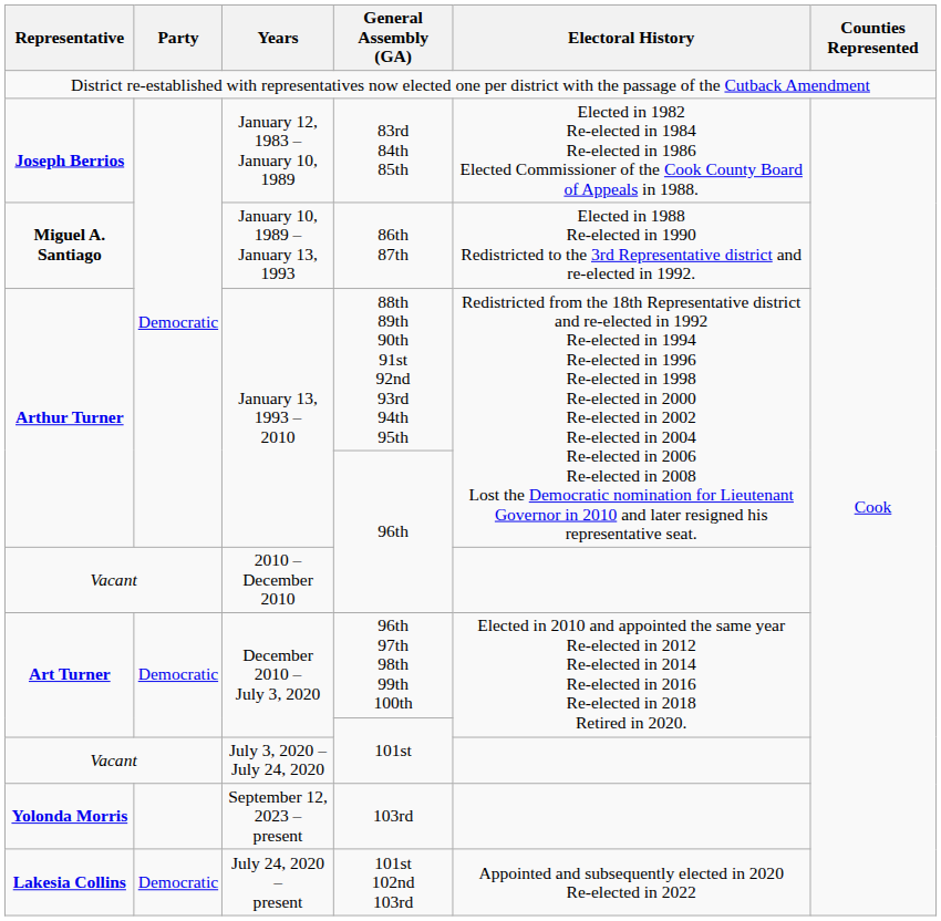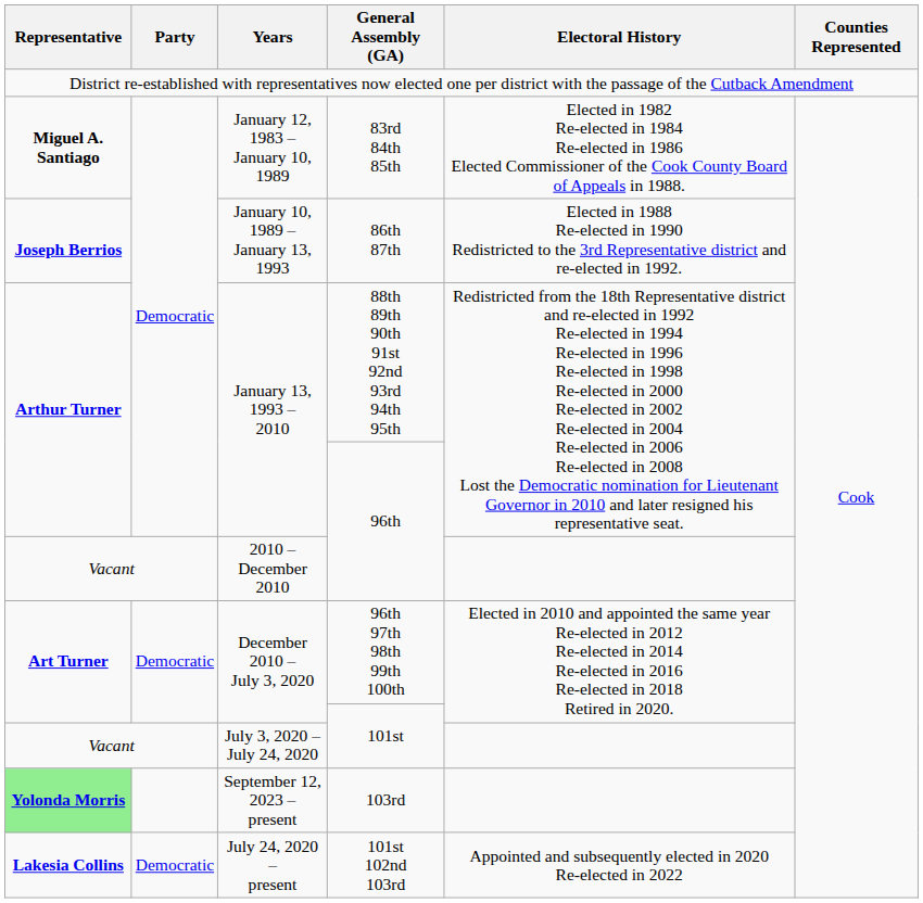 <table class="wikitable" style="text-align:center">
 <tr>
 <th>Representative</th>
 <th>Party</th>
 <th>Years</th>
 <th>General Assembly (GA)</th>
 <th>Electoral History</th>
 <th>Counties Represented</th>
 </tr>
 <tr>
 <td colspan=6>District re-established with representatives now elected one per district with the passage of the <a href='#'>Cutback Amendment</a></td>
 </tr>
 <tr>
-<td align=center><br><strong><a href='#'>Joseph Berrios</a></strong></td>
+<td><strong>Miguel A. Santiago</strong></td>
 <td rowspan=4 ><a href='#'>Democratic</a></td>
 <td>January 12, 1983 –<br> January 10, 1989</td>
 <td>83rd<br>84th<br>85th</td>
 <td>Elected in 1982<br>Re-elected in 1984<br>Re-elected in 1986<br>Elected Commissioner of the <a href='#'>Cook County Board of Appeals</a> in 1988.</td>
 <td rowspan="11"><a href='#'>Cook</a></td>
 </tr>
 <tr>
-<td><strong>Miguel A. Santiago</strong></td>
+<td align=center><br><strong><a href='#'>Joseph Berrios</a></strong></td>
 <td>January 10, 1989 –<br>January 13, 1993</td>
 <td>86th<br>87th</td>
 <td>Elected in 1988<br>Re-elected in 1990<br>Redistricted to the <a href='#'>3rd Representative district</a> and re-elected in 1992.</td>
 </tr>
 <tr>
 <td rowspan=2><strong><a href='#'>Arthur Turner</a></strong></td>
 <td rowspan=2>January 13, 1993 –<br>2010</td>
 <td>88th<br>89th<br>90th<br>91st<br>92nd<br>93rd<br>94th<br>95th</td>
 <td rowspan=2>Redistricted from the 18th Representative district and re-elected in 1992<br>Re-elected in 1994<br>Re-elected in 1996<br>Re-elected in 1998<br>Re-elected in 2000<br>Re-elected in 2002<br>Re-elected in 2004<br>Re-elected in 2006<br>Re-elected in 2008<br>Lost the <a href='#'>Democratic nomination for Lieutenant Governor in 2010</a> and later resigned his representative seat.</td>
 </tr>
 <tr>
 <td rowspan=2>96th</td>
 </tr>
 <tr>
 <td colspan=2><em>Vacant</em></td>
 <td>2010 –<br>December 2010</td>
 </tr>
 <tr>
 <td rowspan=2><strong><a href='#'>Art Turner</a></strong></td>
 <td rowspan=2 ><a href='#'>Democratic</a></td>
 <td rowspan=2>December 2010 –<br>July 3, 2020</td>
 <td>96th<br>97th<br>98th<br>99th<br>100th</td>
 <td rowspan=2>Elected in 2010 and appointed the same year<br>Re-elected in 2012<br>Re-elected in 2014<br>Re-elected in 2016<br>Re-elected in 2018<br>Retired in 2020.</td>
 </tr>
 <tr>
 <td rowspan=2>101st</td>
 </tr>
 <tr>
 <td colspan=2><em>Vacant</em></td>
 <td>July 3, 2020 –<br>July 24, 2020</td>
 <td></td>
 </tr>
 <tr>
-<td><strong><a href='#'>Yolonda Morris</a></strong></td>
+<td style="background: lightgreen;"><strong><a href='#'>Yolonda Morris</a></strong></td>
 <td></td>
 <td>September 12, 2023 –<br>present</td>
 <td>103rd</td>
 <td></td>
 </tr>
 <tr>
 <td rowspan=2><strong><a href='#'>Lakesia Collins</a></strong></td>
 <td rowspan=2 ><a href='#'>Democratic</a></td>
 <td rowspan=2>July 24, 2020 –<br>present</td>
 <td>101st<br>102nd<br>103rd</td>
 <td rowspan=2>Appointed and subsequently elected in 2020<br>Re-elected in 2022</td>
 </tr>
 </table>
